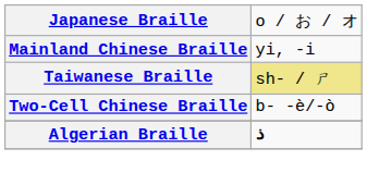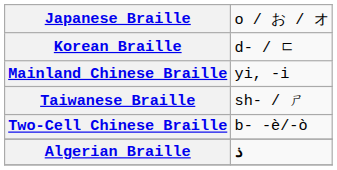 <table class="wikitable">
 <tr>
 <th align=left><a href='#'>Japanese Braille</a></th>
 <td>o / お / オ </td>
+</tr>
+<tr>
+<th align=left><a href='#'>Korean Braille</a></th>
+<td>d- / ㄷ </td>
 </tr>
 <tr>
 <th align=left><a href='#'>Mainland Chinese Braille</a></th>
 <td>yi, -i </td>
 </tr>
 <tr>
 <th align=left><a href='#'>Taiwanese Braille</a></th>
-<td style="background: khaki;">sh- / ㄕ</td>
+<td>sh- / ㄕ</td>
 </tr>
 <tr>
 <th align=left><a href='#'>Two-Cell Chinese Braille</a></th>
 <td>b- -è/-ò</td>
 </tr>
 <tr>
 </tr>
 <tr>
 </tr>
 <tr>
 <th align=left><a href='#'>Algerian Braille</a></th>
 <td><strong>ذ ‎</strong></td>
 </tr>
 <tr>
 </tr>
 </table>
